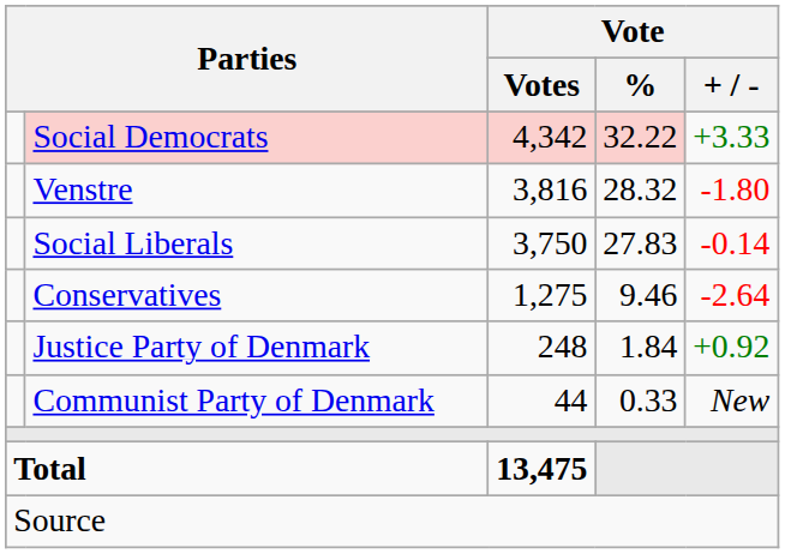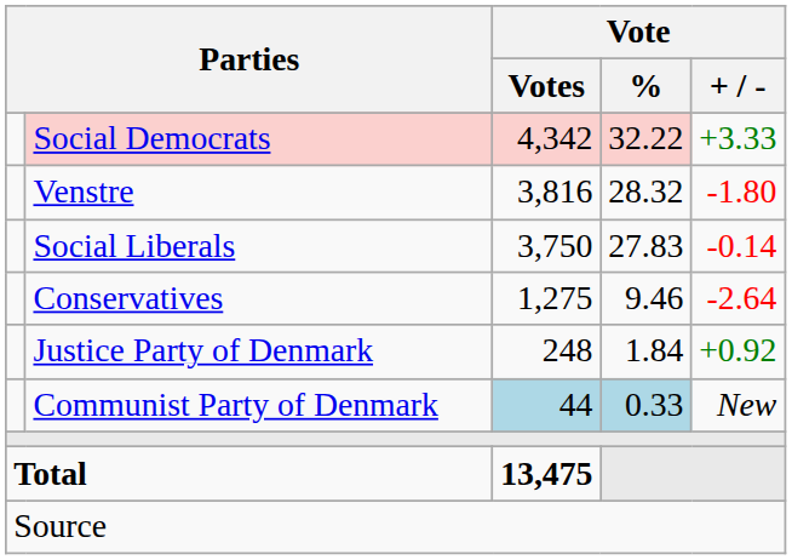 <table class="wikitable" style="text-align:right;">
 <tr>
 <th style="text-align:centre;" rowspan="2" colspan="2" width="225">Parties</th>
 <th colspan="3">Vote</th>
 </tr>
 <tr>
 <th width="15">Votes</th>
 <th width="15">%</th>
 <th width="15">+ / -</th>
 </tr>
 <tr>
 <td width="2" style="color:inherit;background:"></td>
 <td bgcolor=#fbd0ce  align="left"><a href='#'>Social Democrats</a></td>
 <td bgcolor=#fbd0ce>4,342</td>
 <td bgcolor=#fbd0ce>32.22</td>
 <td style=color:green;>+3.33</td>
 </tr>
 <tr>
 <td width="2" style="color:inherit;background:"></td>
 <td align="left"><a href='#'>Venstre</a></td>
 <td>3,816</td>
 <td>28.32</td>
 <td style=color:red;>-1.80</td>
 </tr>
 <tr>
 <td width="2" style="color:inherit;background:"></td>
 <td align="left"><a href='#'>Social Liberals</a></td>
 <td>3,750</td>
 <td>27.83</td>
 <td style=color:red;>-0.14</td>
 </tr>
 <tr>
 <td width="2" style="color:inherit;background:"></td>
 <td align="left"><a href='#'>Conservatives</a></td>
 <td>1,275</td>
 <td>9.46</td>
 <td style=color:red;>-2.64</td>
 </tr>
 <tr>
 <td width="2" style="color:inherit;background:"></td>
 <td align="left"><a href='#'>Justice Party of Denmark</a></td>
 <td>248</td>
 <td>1.84</td>
 <td style=color:green;>+0.92</td>
 </tr>
 <tr>
 <td width="2" style="color:inherit;background:"></td>
 <td align="left"><a href='#'>Communist Party of Denmark</a></td>
-<td>44</td>
-<td>0.33</td>
+<td style="background: lightblue;">44</td>
+<td style="background: lightblue;">0.33</td>
 <td><em>New</em></td>
 </tr>
 <tr>
 <td colspan="7" bgcolor="#E9E9E9"></td>
 </tr>
 <tr>
 <td align="left" colspan="2"><strong>Total</strong></td>
 <td><strong>13,475</strong></td>
 <td bgcolor="#E9E9E9" colspan="2"></td>
 </tr>
 <tr>
 <td align="left" colspan="6">Source</td>
 </tr>
 </table>
